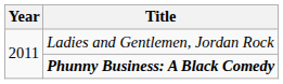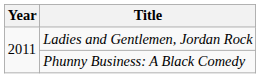 <table class="wikitable">
 <tr>
 <th>Year</th>
 <th>Title</th>
 </tr>
 <tr>
 <td rowspan=2>2011</td>
 <td><em>Ladies and Gentlemen, Jordan Rock</em></td>
 </tr>
 <tr>
-<td><strong><em>Phunny Business: A Black Comedy</em></strong></td>
+<td><em>Phunny Business: A Black Comedy</em></td>
 </tr>
 </table>
